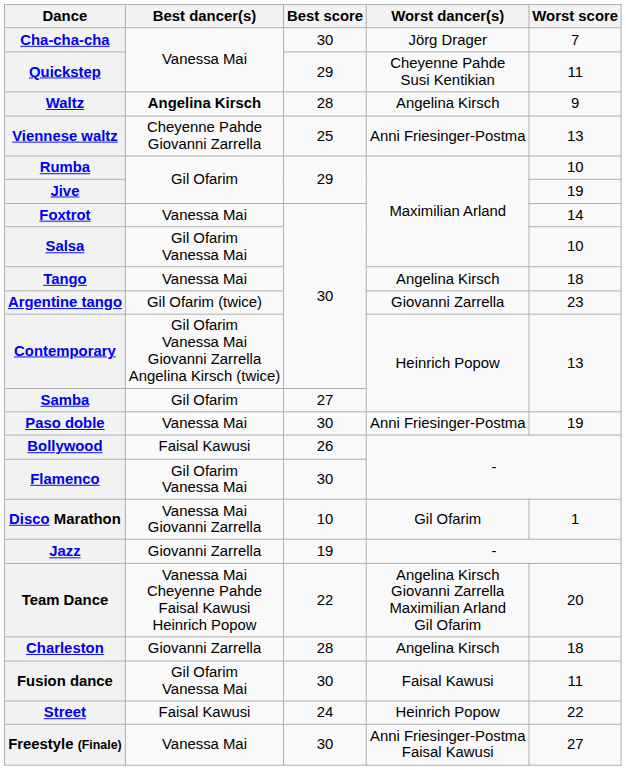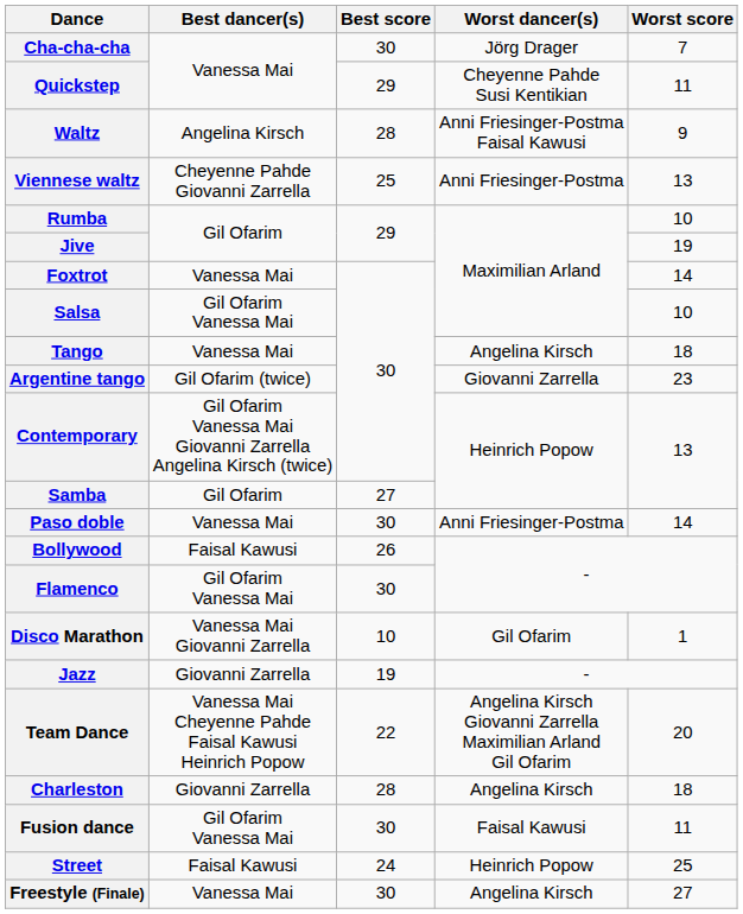 <table class="wikitable sortable" style="text-align:center;">
 <tr>
 <th>Dance</th>
 <th>Best dancer(s)</th>
 <th>Best score</th>
 <th>Worst dancer(s)</th>
 <th>Worst score</th>
 </tr>
 <tr>
 <th><a href='#'>Cha-cha-cha</a></th>
 <td rowspan="2">Vanessa Mai</td>
 <td>30</td>
 <td>Jörg Drager</td>
 <td>7</td>
 </tr>
 <tr>
 <th><a href='#'>Quickstep</a></th>
 <td>29</td>
 <td>Cheyenne Pahde<br>Susi Kentikian</td>
 <td>11</td>
 </tr>
 <tr>
 <th><a href='#'>Waltz</a></th>
-<td><strong>Angelina Kirsch</strong></td>
+<td>Angelina Kirsch</td>
 <td>28</td>
-<td>Angelina Kirsch</td>
+<td>Anni Friesinger-Postma<br>Faisal Kawusi</td>
 <td>9</td>
 </tr>
 <tr>
 <th><a href='#'>Viennese waltz</a></th>
 <td>Cheyenne Pahde<br>Giovanni Zarrella</td>
 <td>25</td>
 <td>Anni Friesinger-Postma</td>
 <td>13</td>
 </tr>
 <tr>
 <th><a href='#'>Rumba</a></th>
 <td rowspan="2">Gil Ofarim</td>
 <td rowspan="2">29</td>
 <td rowspan="4">Maximilian Arland</td>
 <td>10</td>
 </tr>
 <tr>
 <th><a href='#'>Jive</a></th>
 <td>19</td>
 </tr>
 <tr>
 <th><a href='#'>Foxtrot</a></th>
 <td>Vanessa Mai</td>
 <td rowspan="5">30</td>
 <td>14</td>
 </tr>
 <tr>
 <th><a href='#'>Salsa</a></th>
 <td>Gil Ofarim<br>Vanessa Mai</td>
 <td>10</td>
 </tr>
 <tr>
 <th><a href='#'>Tango</a></th>
 <td>Vanessa Mai</td>
 <td>Angelina Kirsch</td>
 <td>18</td>
 </tr>
 <tr>
 <th><a href='#'>Argentine tango</a></th>
 <td>Gil Ofarim (twice)</td>
 <td>Giovanni Zarrella</td>
 <td>23</td>
 </tr>
 <tr>
 <th><a href='#'>Contemporary</a></th>
 <td>Gil Ofarim<br>Vanessa Mai<br>Giovanni Zarrella<br>Angelina Kirsch (twice)</td>
 <td rowspan="2">Heinrich Popow</td>
 <td rowspan="2">13</td>
 </tr>
 <tr>
 <th><a href='#'>Samba</a></th>
 <td>Gil Ofarim</td>
 <td>27</td>
 </tr>
 <tr>
 <th><a href='#'>Paso doble</a></th>
 <td>Vanessa Mai</td>
 <td>30</td>
 <td>Anni Friesinger-Postma</td>
-<td>19</td>
+<td>14</td>
 </tr>
 <tr>
 <th><a href='#'>Bollywood</a></th>
 <td>Faisal Kawusi</td>
 <td>26</td>
 <td colspan="2" rowspan="2">-</td>
 </tr>
 <tr>
 <th><a href='#'>Flamenco</a></th>
 <td>Gil Ofarim<br>Vanessa Mai</td>
 <td>30</td>
 </tr>
 <tr>
 <th><a href='#'>Disco</a> Marathon</th>
 <td>Vanessa Mai<br>Giovanni Zarrella</td>
 <td>10</td>
 <td>Gil Ofarim</td>
 <td>1</td>
 </tr>
 <tr>
 <th><a href='#'>Jazz</a></th>
 <td>Giovanni Zarrella</td>
 <td>19</td>
 <td colspan="2">-</td>
 </tr>
 <tr>
 <th>Team Dance</th>
 <td>Vanessa Mai<br>Cheyenne Pahde<br>Faisal Kawusi<br>Heinrich Popow</td>
 <td>22</td>
 <td>Angelina Kirsch<br>Giovanni Zarrella<br>Maximilian Arland<br>Gil Ofarim</td>
 <td>20</td>
 </tr>
 <tr>
 <th><a href='#'>Charleston</a></th>
 <td>Giovanni Zarrella</td>
 <td>28</td>
 <td>Angelina Kirsch</td>
 <td>18</td>
 </tr>
 <tr>
 <th>Fusion dance</th>
 <td>Gil Ofarim<br>Vanessa Mai</td>
 <td>30</td>
 <td>Faisal Kawusi</td>
 <td>11</td>
 </tr>
 <tr>
 <th><a href='#'>Street</a></th>
 <td>Faisal Kawusi</td>
 <td>24</td>
 <td>Heinrich Popow</td>
-<td>22</td>
+<td>25</td>
 </tr>
 <tr>
 <th>Freestyle <small>(Finale)</small></th>
 <td>Vanessa Mai</td>
 <td>30</td>
-<td>Anni Friesinger-Postma<br>Faisal Kawusi</td>
+<td>Angelina Kirsch</td>
 <td>27</td>
 </tr>
 </table>
